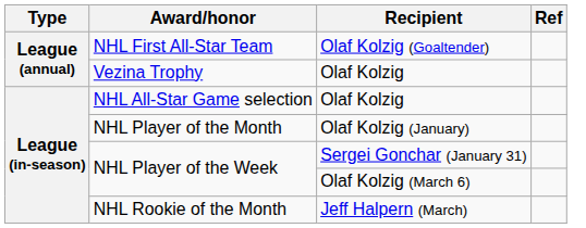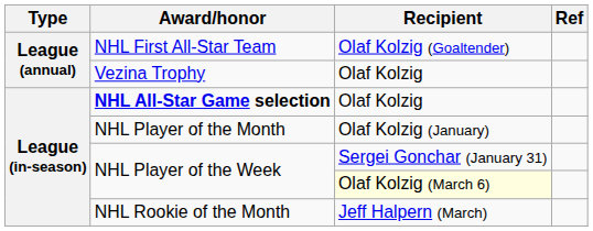 <table class="wikitable">
 <tr>
 <th scope="col">Type</th>
 <th scope="col">Award/honor</th>
 <th scope="col">Recipient</th>
 <th scope="col">Ref</th>
 </tr>
 <tr>
 <th scope="row" rowspan="2">League<br><small>(annual)</small></th>
 <td><a href='#'>NHL First All-Star Team</a></td>
 <td><a href='#'>Olaf Kolzig</a> <small>(<a href='#'>Goaltender</a>)</small></td>
 <td></td>
 </tr>
 <tr>
 <td><a href='#'>Vezina Trophy</a></td>
 <td>Olaf Kolzig</td>
 <td></td>
 </tr>
 <tr>
 <th scope="row" rowspan="5">League<br><small>(in-season)</small></th>
-<td><a href='#'>NHL All-Star Game</a> selection</td>
+<td><strong><a href='#'>NHL All-Star Game</a> selection</strong></td>
 <td>Olaf Kolzig</td>
 <td></td>
 </tr>
 <tr>
 <td>NHL Player of the Month</td>
 <td>Olaf Kolzig <small>(January)</small></td>
 <td></td>
 </tr>
 <tr>
 <td rowspan="2">NHL Player of the Week</td>
 <td><a href='#'>Sergei Gonchar</a> <small>(January 31)</small></td>
 <td></td>
 </tr>
 <tr>
-<td>Olaf Kolzig <small>(March 6)</small></td>
+<td style="background: lightyellow;">Olaf Kolzig <small>(March 6)</small></td>
 <td></td>
 </tr>
 <tr>
 <td>NHL Rookie of the Month</td>
 <td><a href='#'>Jeff Halpern</a> <small>(March)</small></td>
 <td></td>
 </tr>
 </table>
